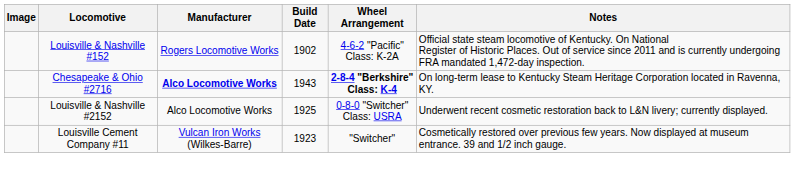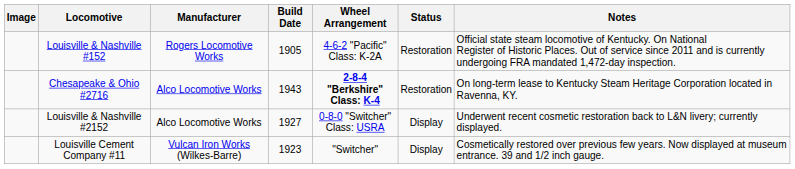 <table class = wikitable style=text-align:center>
 <tr>
 <th>Image</th>
 <th>Locomotive</th>
 <th>Manufacturer</th>
 <th>Build Date</th>
 <th>Wheel Arrangement</th>
+<th>Status</th>
 <th>Notes</th>
 </tr>
 <tr>
 <td></td>
 <td><a href='#'>Louisville & Nashville #152</a></td>
 <td><a href='#'>Rogers Locomotive Works</a></td>
-<td>1902</td>
+<td>1905</td>
 <td><a href='#'>4-6-2</a> "Pacific"<br>Class: K-2A</td>
+<td>Restoration</td>
 <td align = "left">Official state steam locomotive of Kentucky. On National<br>Register of Historic Places. Out of service since 2011  and is currently undergoing FRA mandated 1,472-day inspection.</td>
 </tr>
 <tr>
 <td></td>
 <td><a href='#'>Chesapeake & Ohio #2716</a></td>
-<td><strong><a href='#'>Alco Locomotive Works</a></strong></td>
+<td><a href='#'>Alco Locomotive Works</a></td>
 <td>1943</td>
 <td><strong><a href='#'>2-8-4</a> "Berkshire"<br>Class: <a href='#'>K-4</a></strong></td>
+<td>Restoration</td>
 <td align = "left">On long-term lease to Kentucky Steam Heritage Corporation located in Ravenna, KY.</td>
 </tr>
 <tr>
 <td></td>
 <td>Louisville & Nashville #2152</td>
 <td>Alco Locomotive Works</td>
-<td>1925</td>
+<td>1927</td>
 <td><a href='#'>0-8-0</a> "Switcher"<br>Class: <a href='#'>USRA</a></td>
+<td>Display</td>
 <td align = "left">Underwent recent cosmetic restoration back to L&N livery; currently displayed.</td>
 </tr>
 <tr>
 <td></td>
 <td>Louisville Cement Company #11</td>
 <td><a href='#'>Vulcan Iron Works</a> (Wilkes-Barre)</td>
 <td>1923</td>
 <td> "Switcher"</td>
+<td>Display</td>
 <td align = "left">Cosmetically restored over previous few years. Now displayed at museum entrance. 39 and 1/2 inch gauge.</td>
 </tr>
 </table>
